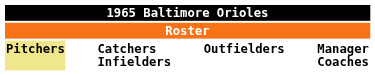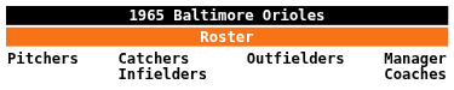 <table class="toccolours" style="font-size: 95%;">
 <tr>
 <th colspan="10" style="background-color: black; color: white; text-align: center;">1965 Baltimore Orioles</th>
 </tr>
 <tr>
 <td colspan="10" style="background-color: #F87217; color: white; text-align: center;"><strong>Roster</strong></td>
 </tr>
 <tr>
-<td valign="top" style="background: khaki;"><strong>Pitchers</strong><br>               </td>
+<td valign="top"><strong>Pitchers</strong><br>               </td>
 <td width="25px"></td>
 <td valign="top"><strong>Catchers</strong><br>    <strong>Infielders</strong>        </td>
 <td width="25px"></td>
 <td valign="top"><strong>Outfielders</strong><br>     </td>
 <td width="25px"></td>
 <td valign="top"><strong>Manager</strong><br> <strong>Coaches</strong>    </td>
 </tr>
 <tr>
 </tr>
 </table>
